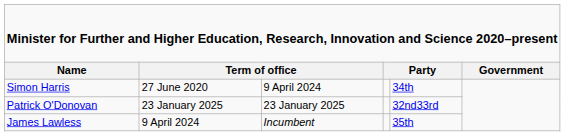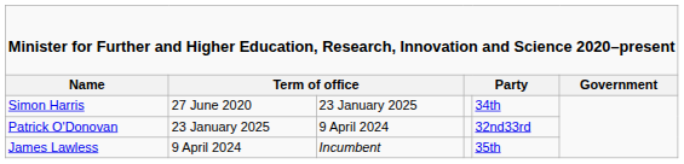 <table class="wikitable">
 <tr>
 <td colspan="7"><br><h3>Minister for Further and Higher Education, Research, Innovation and Science 2020–present</h3></td>
 </tr>
 <tr>
 <th>Name</th>
 <th colspan="2">Term of office</th>
 <th colspan="2">Party</th>
 <th>Government</th>
 </tr>
 <tr>
 <td><a href='#'>Simon Harris</a></td>
 <td>27 June 2020</td>
-<td>9 April 2024</td>
+<td>23 January 2025</td>
 <td></td>
 <td><a href='#'>34th</a></td>
 </tr>
 <tr>
 <td><a href='#'>Patrick O'Donovan</a></td>
 <td>23 January 2025</td>
-<td>23 January 2025</td>
+<td>9 April 2024</td>
 <td></td>
 <td><a href='#'>32nd</a><a href='#'>33rd</a></td>
 </tr>
 <tr>
 <td><a href='#'>James Lawless</a></td>
 <td>9 April 2024</td>
 <td><em>Incumbent</em></td>
 <td></td>
 <td><a href='#'>35th</a></td>
 </tr>
 </table>
